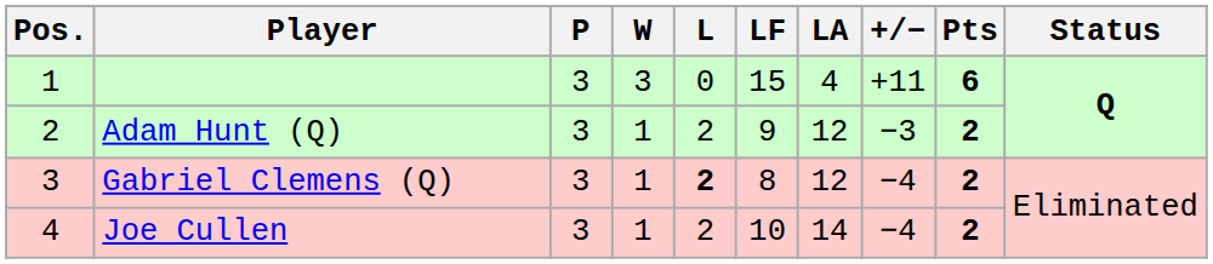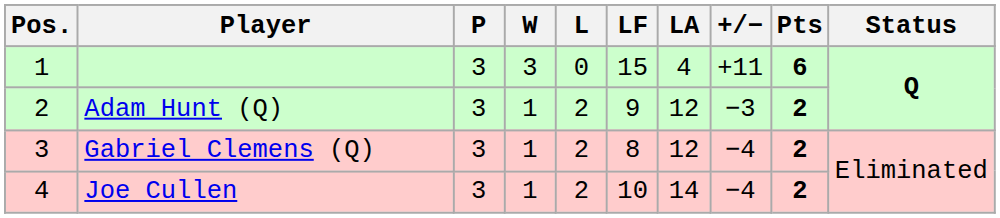 <table class="wikitable" style="text-align:center; margin: 1em auto 1em auto, align:left">
 <tr>
 <th width=20>Pos.</th>
 <th width=185>Player</th>
 <th width=20>P</th>
 <th width=20>W</th>
 <th width=20>L</th>
 <th width=20>LF</th>
 <th width=20>LA</th>
 <th width=25>+/−</th>
 <th width=20>Pts</th>
 <th width=70>Status</th>
 </tr>
 <tr style="background:#CCFFCC;">
 <td>1</td>
 <td align=left></td>
 <td>3</td>
 <td>3</td>
 <td>0</td>
 <td>15</td>
 <td>4</td>
 <td>+11</td>
 <td><strong>6</strong></td>
 <td rowspan=2><strong>Q</strong></td>
 </tr>
 <tr style="background:#CCFFCC;">
 <td>2</td>
 <td align=left> <a href='#'>Adam Hunt</a> (Q)</td>
 <td>3</td>
 <td>1</td>
 <td>2</td>
 <td>9</td>
 <td>12</td>
 <td>−3</td>
 <td><strong>2</strong></td>
 </tr>
 <tr style="background:#FFCCCC;">
 <td>3</td>
 <td align=left> <a href='#'>Gabriel Clemens</a> (Q)</td>
 <td>3</td>
 <td>1</td>
-<td><strong>2</strong></td>
+<td>2</td>
 <td>8</td>
 <td>12</td>
 <td>−4</td>
 <td><strong>2</strong></td>
 <td rowspan=2>Eliminated</td>
 </tr>
 <tr style="background:#FFCCCC;">
 <td>4</td>
 <td align=left> <a href='#'>Joe Cullen</a></td>
 <td>3</td>
 <td>1</td>
 <td>2</td>
 <td>10</td>
 <td>14</td>
 <td>−4</td>
 <td><strong>2</strong></td>
 </tr>
 </table>
